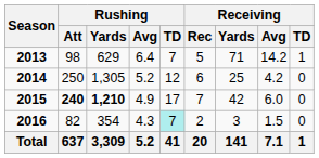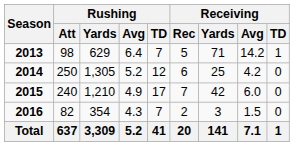 <table class=wikitable style="text-align:center;">
 <tr>
 <th rowspan=2>Season</th>
 <th colspan=4>Rushing</th>
 <th colspan=4>Receiving</th>
 </tr>
 <tr>
 <th>Att</th>
 <th>Yards</th>
 <th>Avg</th>
 <th>TD</th>
 <th>Rec</th>
 <th>Yards</th>
 <th>Avg</th>
 <th>TD</th>
 </tr>
 <tr>
 <td><strong>2013</strong></td>
 <td>98</td>
 <td>629</td>
 <td>6.4</td>
 <td>7</td>
 <td>5</td>
 <td>71</td>
 <td>14.2</td>
 <td>1</td>
 </tr>
 <tr>
 <td><strong>2014</strong></td>
 <td>250</td>
 <td>1,305</td>
 <td>5.2</td>
 <td>12</td>
 <td>6</td>
 <td>25</td>
 <td>4.2</td>
 <td>0</td>
 </tr>
 <tr>
 <td><strong>2015</strong></td>
-<td><strong>240</strong></td>
-<td><strong>1,210</strong></td>
+<td>240</td>
+<td>1,210</td>
 <td>4.9</td>
 <td>17</td>
 <td>7</td>
 <td>42</td>
 <td>6.0</td>
 <td>0</td>
 </tr>
 <tr>
 <td><strong>2016</strong></td>
 <td>82</td>
 <td>354</td>
 <td>4.3</td>
-<td style="background: paleturquoise;">7</td>
+<td>7</td>
 <td>2</td>
 <td>3</td>
 <td>1.5</td>
 <td>0</td>
 </tr>
 <tr>
 <th>Total</th>
 <th>637</th>
 <th>3,309</th>
 <th>5.2</th>
 <th>41</th>
 <th>20</th>
 <th>141</th>
 <th>7.1</th>
 <th>1</th>
 </tr>
 </table>
